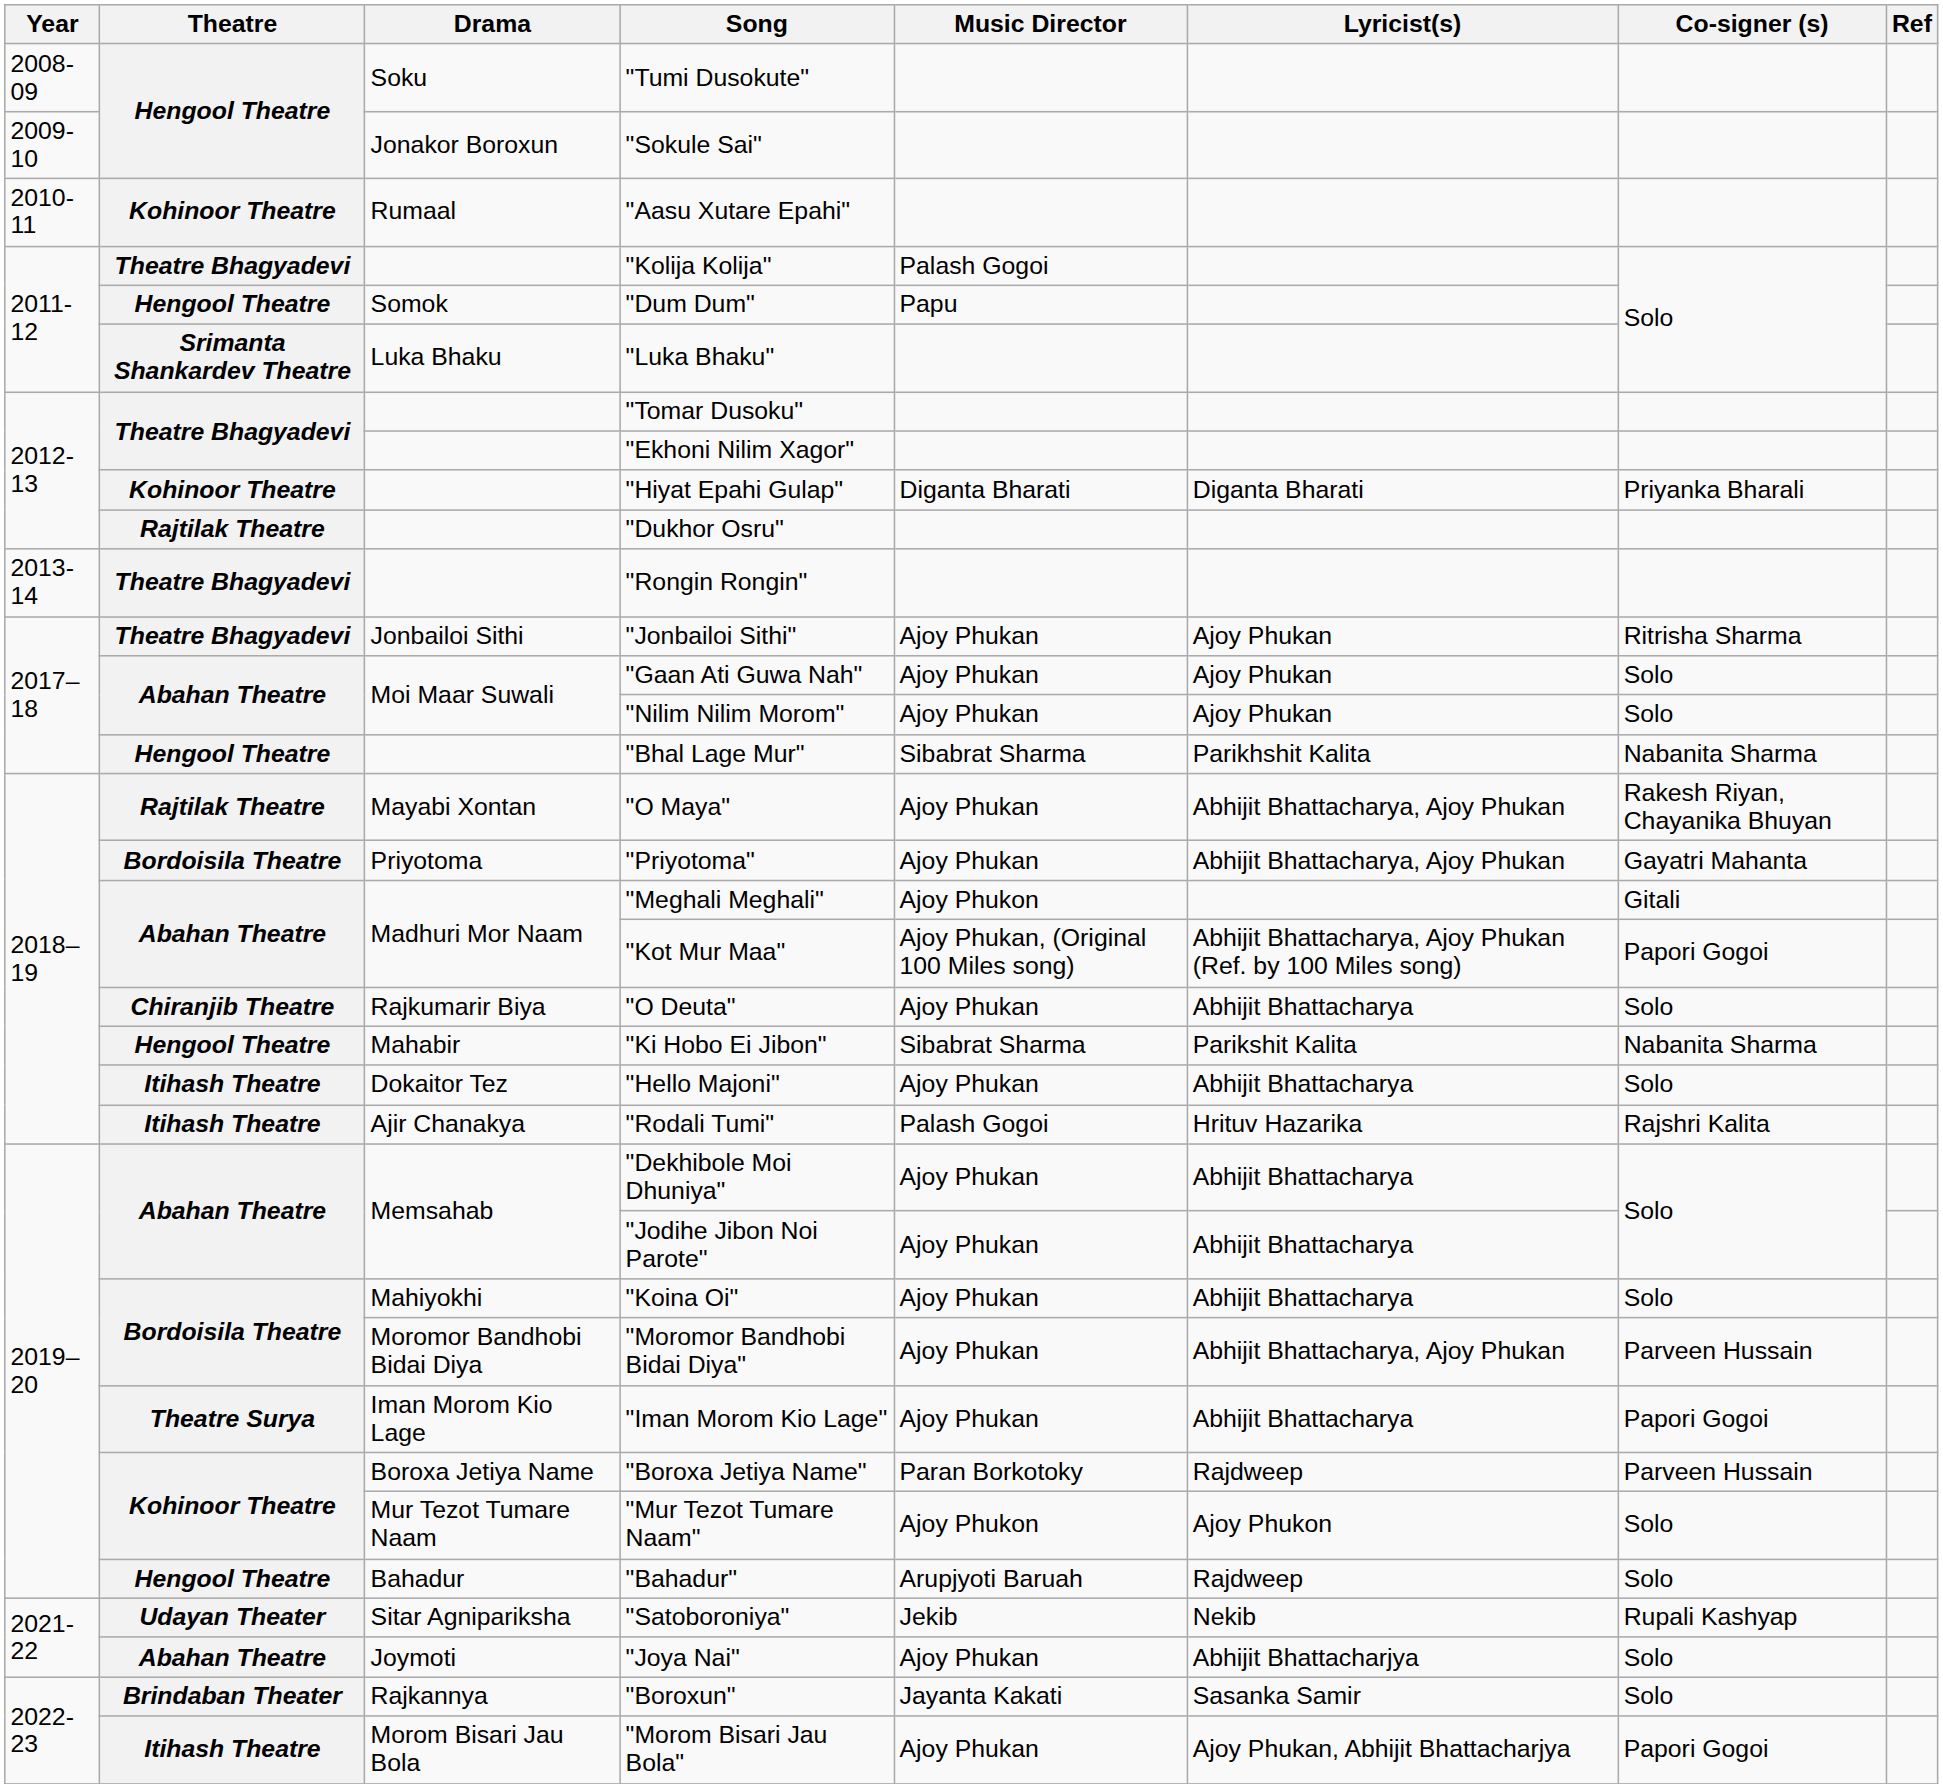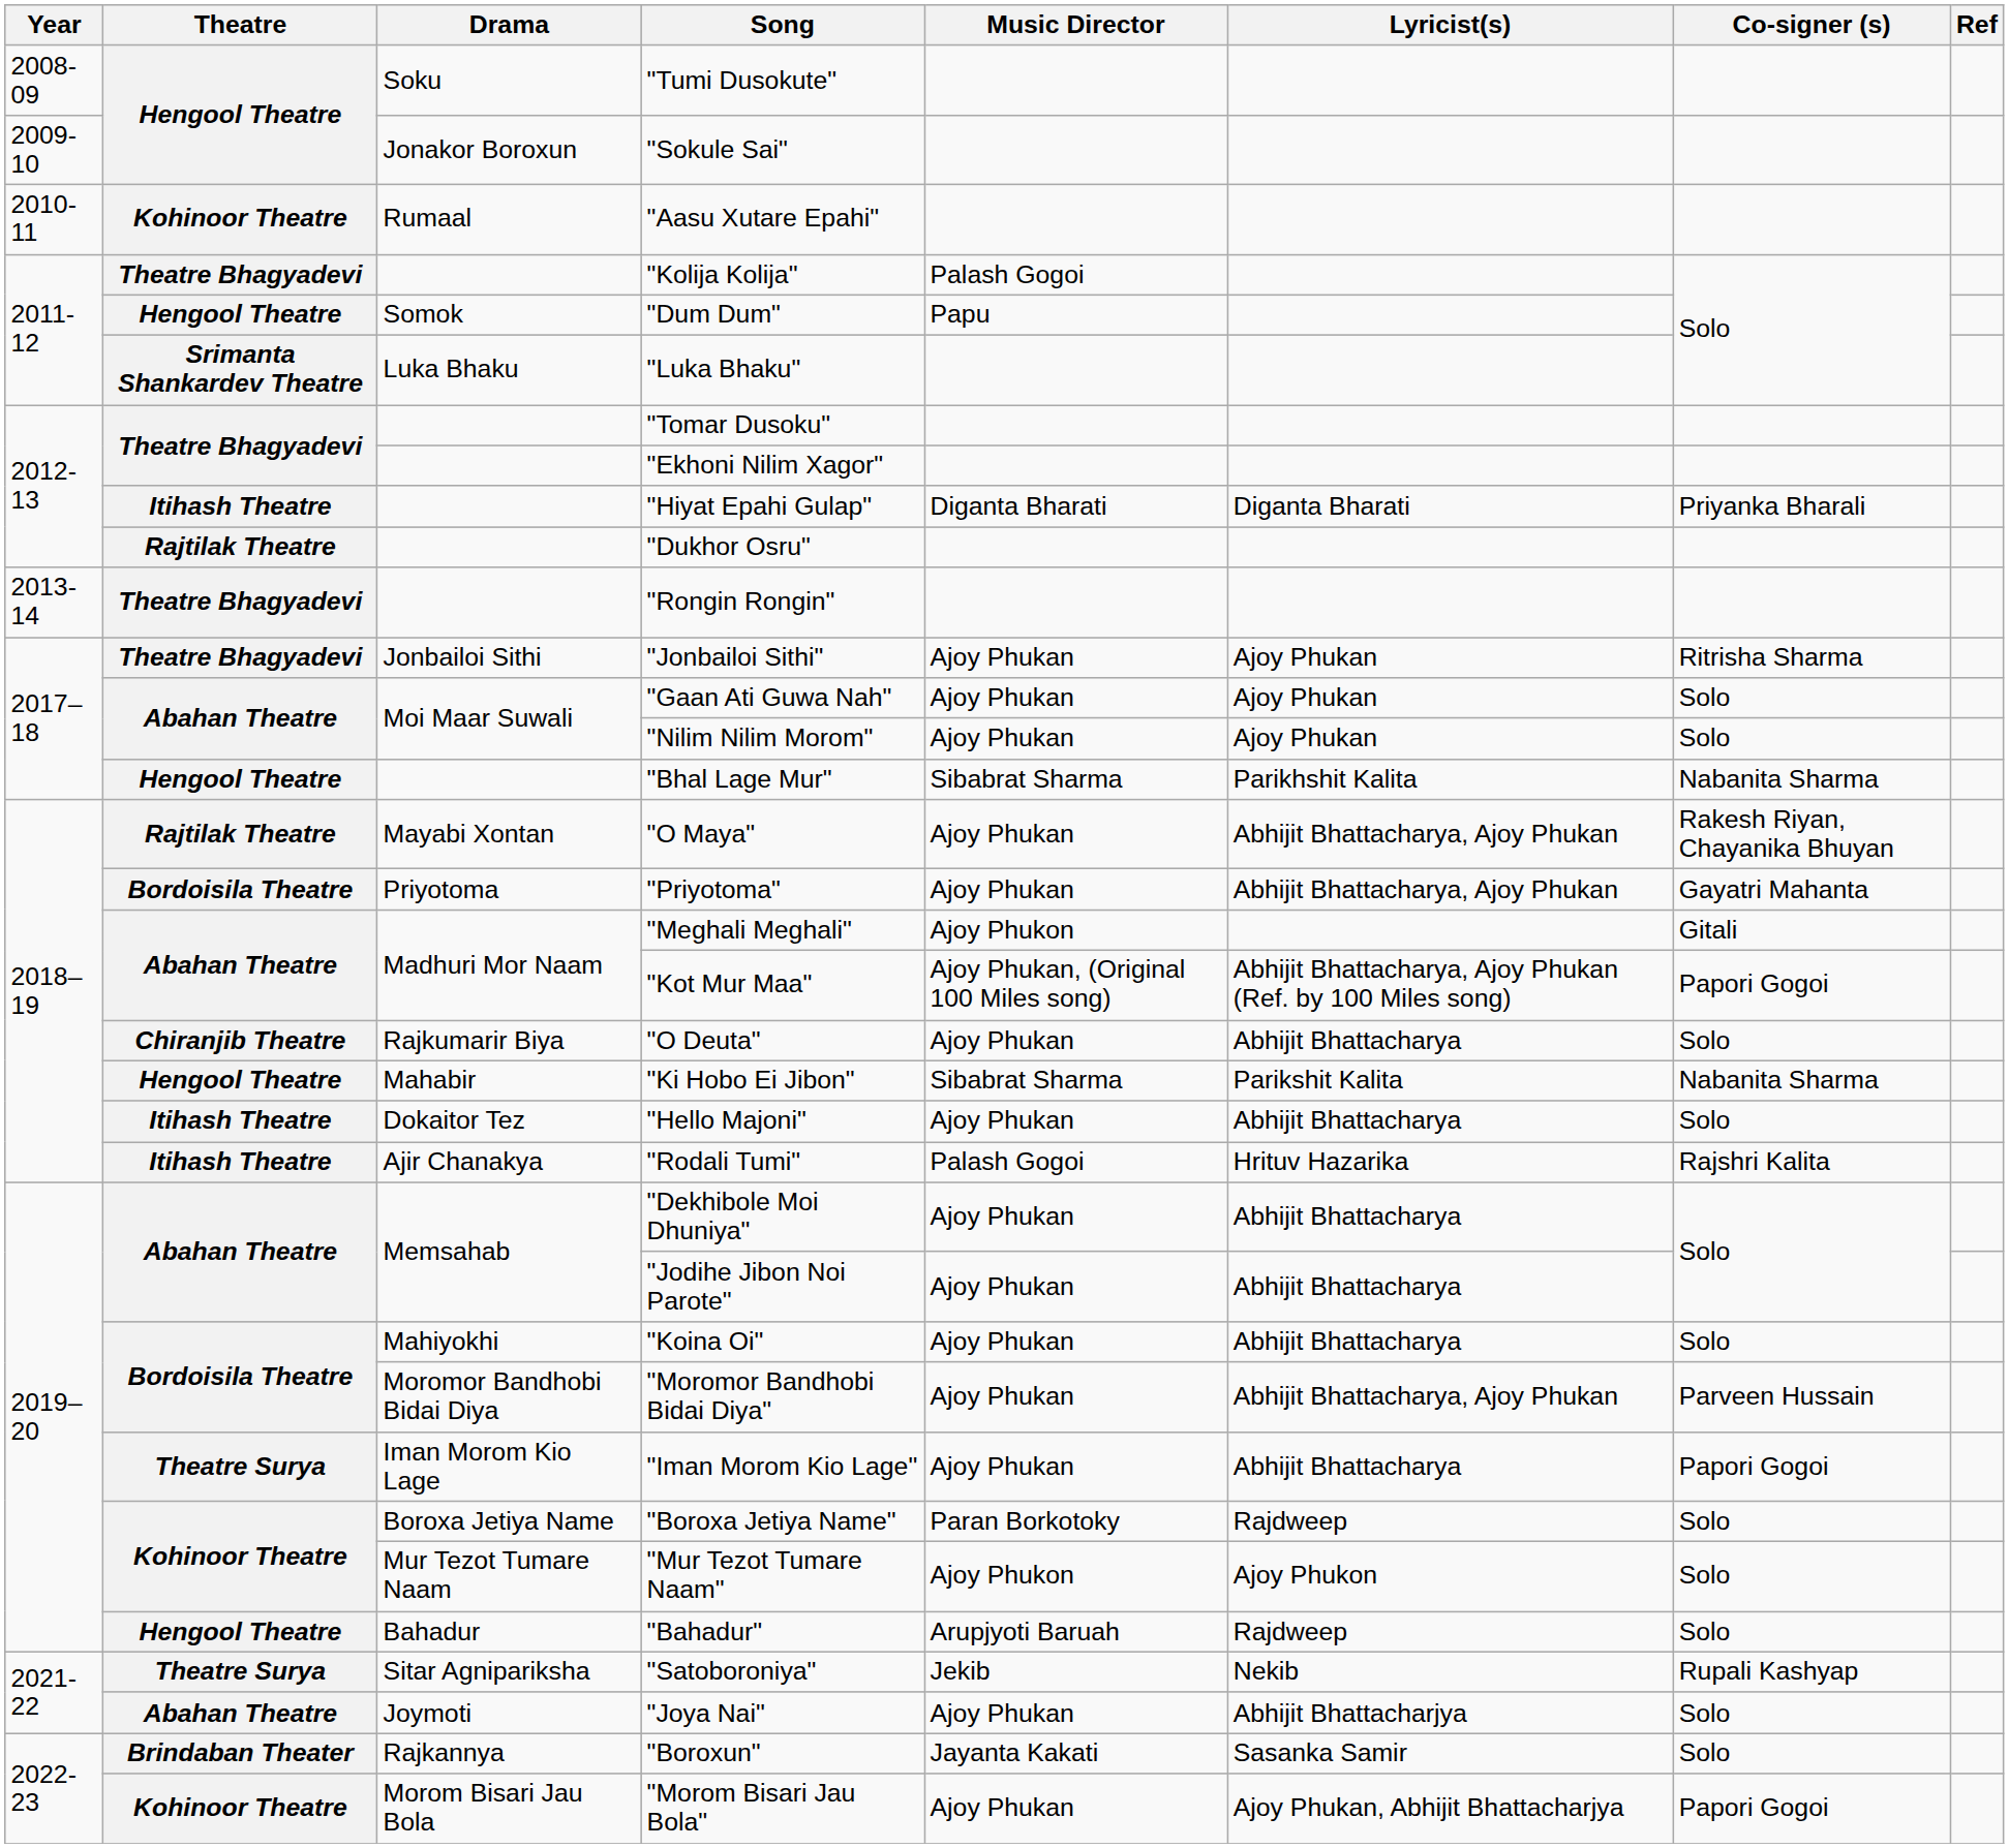 <table class ="wikitable plainrow headers">
 <tr>
 <th scope ="col">Year</th>
 <th scope ="col">Theatre</th>
 <th scope ="col">Drama</th>
 <th scope ="col">Song</th>
 <th scope ="col">Music Director</th>
 <th scope ="col">Lyricist(s)</th>
 <th scope ="col">Co-signer (s)</th>
 <th scope ="col">Ref</th>
 </tr>
 <tr>
 <td>2008-09</td>
 <th rowspan="2"><em>Hengool Theatre</em></th>
 <td>Soku</td>
 <td>"Tumi Dusokute"</td>
 <td></td>
 <td></td>
 <td></td>
 <td></td>
 </tr>
 <tr>
 <td>2009-10</td>
 <td>Jonakor Boroxun</td>
 <td>"Sokule Sai"</td>
 <td></td>
 <td></td>
 <td></td>
 <td></td>
 </tr>
 <tr>
 <td>2010-11</td>
 <th><em>Kohinoor Theatre</em></th>
 <td>Rumaal</td>
 <td>"Aasu Xutare Epahi"</td>
 <td></td>
 <td></td>
 <td></td>
 <td></td>
 </tr>
 <tr>
 <td rowspan="3">2011-12</td>
 <th><em>Theatre Bhagyadevi</em></th>
 <td></td>
 <td>"Kolija Kolija"</td>
 <td>Palash Gogoi</td>
 <td></td>
 <td rowspan="3">Solo</td>
 <td></td>
 </tr>
 <tr>
 <th><em>Hengool Theatre</em></th>
 <td>Somok</td>
 <td>"Dum Dum"</td>
 <td>Papu</td>
 <td></td>
 <td></td>
 </tr>
 <tr>
 <th><em>Srimanta Shankardev Theatre</em></th>
 <td>Luka Bhaku</td>
 <td>"Luka Bhaku"</td>
 <td></td>
 <td></td>
 <td></td>
 </tr>
 <tr>
 <td rowspan="4">2012-13</td>
 <th rowspan="2"><em>Theatre Bhagyadevi</em></th>
 <td></td>
 <td>"Tomar Dusoku"</td>
 <td></td>
 <td></td>
 <td></td>
 <td></td>
 </tr>
 <tr>
 <td></td>
 <td>"Ekhoni Nilim Xagor"</td>
 <td></td>
 <td></td>
 <td></td>
 <td></td>
 </tr>
 <tr>
-<th><em>Kohinoor Theatre</em></th>
+<th><em>Itihash Theatre</em></th>
 <td></td>
 <td>"Hiyat Epahi Gulap"</td>
 <td>Diganta Bharati</td>
 <td>Diganta Bharati</td>
 <td>Priyanka Bharali</td>
 <td></td>
 </tr>
 <tr>
 <th><em>Rajtilak Theatre</em></th>
 <td></td>
 <td>"Dukhor Osru"</td>
 <td></td>
 <td></td>
 <td></td>
 <td></td>
 </tr>
 <tr>
 <td>2013-14</td>
 <th scope ="row"rowspan =1><em>Theatre Bhagyadevi</em></th>
 <td></td>
 <td>"Rongin Rongin"</td>
 <td></td>
 <td></td>
 <td></td>
 <td></td>
 </tr>
 <tr>
 <td rowspan =4>2017–18</td>
 <th scope ="row"rowspan =1><em>Theatre Bhagyadevi</em></th>
 <td>Jonbailoi Sithi</td>
 <td>"Jonbailoi Sithi"</td>
 <td>Ajoy Phukan</td>
 <td>Ajoy Phukan</td>
 <td>Ritrisha Sharma</td>
 <td></td>
 </tr>
 <tr>
 <th scope =" row"rowspan =2><em>Abahan Theatre</em></th>
 <td rowspan =2>Moi Maar Suwali</td>
 <td>"Gaan Ati Guwa Nah"</td>
 <td>Ajoy Phukan</td>
 <td>Ajoy Phukan</td>
 <td>Solo</td>
 <td></td>
 </tr>
 <tr>
 <td>"Nilim Nilim Morom"</td>
 <td>Ajoy Phukan</td>
 <td>Ajoy Phukan</td>
 <td>Solo</td>
 <td></td>
 </tr>
 <tr>
 <th scope="row"><em>Hengool Theatre</em></th>
 <td></td>
 <td>"Bhal Lage Mur"</td>
 <td>Sibabrat Sharma</td>
 <td>Parikhshit Kalita</td>
 <td>Nabanita Sharma</td>
 <td></td>
 </tr>
 <tr>
 <td rowspan="8">2018–19</td>
 <th scope=" row" rowsapn="1"><em>Rajtilak Theatre</em></th>
 <td>Mayabi Xontan</td>
 <td>"O Maya"</td>
 <td>Ajoy Phukan</td>
 <td>Abhijit Bhattacharya, Ajoy Phukan</td>
 <td>Rakesh Riyan, Chayanika Bhuyan</td>
 <td></td>
 </tr>
 <tr>
 <th scope="row"><em>Bordoisila Theatre</em></th>
 <td>Priyotoma</td>
 <td>"Priyotoma"</td>
 <td>Ajoy Phukan</td>
 <td>Abhijit Bhattacharya, Ajoy Phukan</td>
 <td>Gayatri Mahanta</td>
 <td></td>
 </tr>
 <tr>
 <th scope="row"rowspan =2><em>Abahan Theatre</em></th>
 <td rowspan =2>Madhuri Mor Naam</td>
 <td>"Meghali Meghali"</td>
 <td>Ajoy Phukon</td>
 <td></td>
 <td>Gitali</td>
 <td></td>
 </tr>
 <tr>
 <td>"Kot Mur Maa"</td>
 <td>Ajoy Phukan, (Original 100 Miles song)</td>
 <td>Abhijit Bhattacharya, Ajoy Phukan (Ref. by 100 Miles song)</td>
 <td>Papori Gogoi</td>
 <td></td>
 </tr>
 <tr>
 <th scope ="row"><em>Chiranjib Theatre</em></th>
 <td>Rajkumarir Biya</td>
 <td>"O Deuta"</td>
 <td>Ajoy Phukan</td>
 <td>Abhijit Bhattacharya</td>
 <td>Solo</td>
 <td></td>
 </tr>
 <tr>
 <th><em>Hengool Theatre</em></th>
 <td>Mahabir</td>
 <td>"Ki Hobo Ei Jibon"</td>
 <td>Sibabrat Sharma</td>
 <td>Parikshit Kalita</td>
 <td>Nabanita Sharma</td>
 <td></td>
 </tr>
 <tr>
 <th scope ="row"><em>Itihash Theatre</em></th>
 <td>Dokaitor Tez</td>
 <td>"Hello Majoni"</td>
 <td>Ajoy Phukan</td>
 <td>Abhijit Bhattacharya</td>
 <td>Solo</td>
 <td></td>
 </tr>
 <tr>
 <th scope ="row"><em>Itihash Theatre</em></th>
 <td>Ajir Chanakya</td>
 <td>"Rodali Tumi"</td>
 <td>Palash Gogoi</td>
 <td>Hrituv Hazarika</td>
 <td>Rajshri Kalita</td>
 <td></td>
 </tr>
 <tr>
 <td rowspan="8">2019–20</td>
 <th scope="row"rowspan =2><em>Abahan Theatre</em></th>
 <td rowspan =2>Memsahab</td>
 <td>"Dekhibole Moi Dhuniya"</td>
 <td>Ajoy Phukan</td>
 <td>Abhijit Bhattacharya</td>
 <td rowspan =2>Solo</td>
 <td></td>
 </tr>
 <tr>
 <td>"Jodihe Jibon Noi Parote"</td>
 <td>Ajoy Phukan</td>
 <td>Abhijit Bhattacharya</td>
 <td></td>
 </tr>
 <tr>
 <th scope =" row" rowspan =2><em>Bordoisila Theatre</em></th>
 <td>Mahiyokhi</td>
 <td>"Koina Oi"</td>
 <td>Ajoy Phukan</td>
 <td>Abhijit Bhattacharya</td>
 <td>Solo</td>
 <td></td>
 </tr>
 <tr>
 <td>Moromor Bandhobi Bidai Diya</td>
 <td>"Moromor Bandhobi Bidai Diya"</td>
 <td>Ajoy Phukan</td>
 <td>Abhijit Bhattacharya, Ajoy Phukan</td>
 <td>Parveen Hussain</td>
 <td></td>
 </tr>
 <tr>
 <th scope="row'"><em>Theatre Surya</em></th>
 <td>Iman Morom Kio Lage</td>
 <td>"Iman Morom Kio Lage"</td>
 <td>Ajoy Phukan</td>
 <td>Abhijit Bhattacharya</td>
 <td>Papori Gogoi</td>
 <td></td>
 </tr>
 <tr>
 <th rowspan="2" scope=" row"><em>Kohinoor Theatre</em></th>
 <td>Boroxa Jetiya Name</td>
 <td>"Boroxa Jetiya Name"</td>
 <td>Paran Borkotoky</td>
 <td>Rajdweep</td>
-<td>Parveen Hussain</td>
+<td>Solo</td>
 <td></td>
 </tr>
 <tr>
 <td>Mur Tezot Tumare Naam</td>
 <td>"Mur Tezot Tumare Naam"</td>
 <td>Ajoy Phukon</td>
 <td>Ajoy Phukon</td>
 <td>Solo</td>
 <td></td>
 </tr>
 <tr>
 <th scope="row"><em>Hengool Theatre</em></th>
 <td>Bahadur</td>
 <td>"Bahadur"</td>
 <td>Arupjyoti Baruah</td>
 <td>Rajdweep</td>
 <td>Solo</td>
 <td></td>
 </tr>
 <tr>
 <td rowspan="2">2021-22</td>
-<th><em>Udayan Theater</em></th>
+<th scope="row'"><em>Theatre Surya</em></th>
 <td>Sitar Agnipariksha</td>
 <td>"Satoboroniya"</td>
 <td>Jekib</td>
 <td>Nekib</td>
 <td>Rupali Kashyap</td>
 <td></td>
 </tr>
 <tr>
 <th><em>Abahan Theatre</em></th>
 <td>Joymoti</td>
 <td>"Joya Nai"</td>
 <td>Ajoy Phukan</td>
 <td>Abhijit Bhattacharjya</td>
 <td>Solo</td>
 <td></td>
 </tr>
 <tr>
 <td rowspan="2">2022-23</td>
 <th><em>Brindaban Theater</em></th>
 <td>Rajkannya</td>
 <td>"Boroxun"</td>
 <td>Jayanta Kakati</td>
 <td>Sasanka Samir</td>
 <td>Solo</td>
 <td></td>
 </tr>
 <tr>
-<th><em>Itihash Theatre</em></th>
+<th><em>Kohinoor Theatre</em></th>
 <td>Morom Bisari Jau Bola</td>
 <td>"Morom Bisari Jau Bola"</td>
 <td>Ajoy Phukan</td>
 <td>Ajoy Phukan, Abhijit Bhattacharjya</td>
 <td>Papori Gogoi</td>
 <td></td>
 </tr>
 <tr>
 </tr>
 </table>
